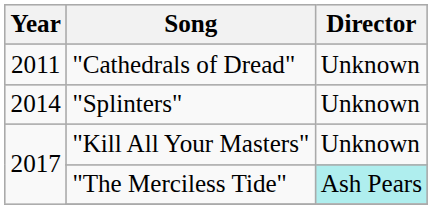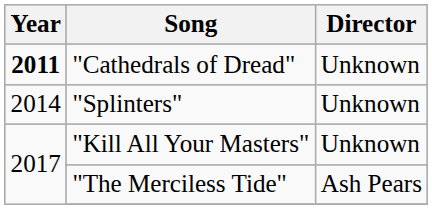 <table class="wikitable">
 <tr>
 <th>Year</th>
 <th>Song</th>
 <th>Director</th>
 </tr>
 <tr>
-<td align="center">2011</td>
+<td align="center"><strong>2011</strong></td>
 <td>"Cathedrals of Dread"</td>
 <td>Unknown</td>
 </tr>
 <tr>
 <td align="center">2014</td>
 <td>"Splinters"</td>
 <td>Unknown</td>
 </tr>
 <tr>
 <td align="center" rowspan="3">2017</td>
 <td>"Kill All Your Masters"</td>
 <td>Unknown</td>
 </tr>
 <tr>
 <td>"The Merciless Tide"</td>
-<td style="background: paleturquoise;">Ash Pears</td>
+<td>Ash Pears</td>
 </tr>
 <tr>
 </tr>
 </table>
